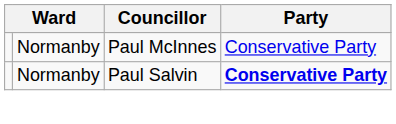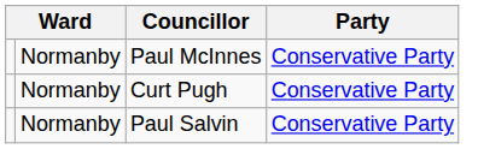 <table class="wikitable">
 <tr>
 <th colspan="2">Ward</th>
 <th>Councillor</th>
 <th>Party</th>
 </tr>
 <tr>
 <td style="background-color: "></td>
 <td>Normanby</td>
 <td>Paul McInnes</td>
 <td><a href='#'>Conservative Party</a></td>
 </tr>
 <tr>
 <td style="background-color: "></td>
 <td>Normanby</td>
+<td>Curt Pugh</td>
+<td><a href='#'>Conservative Party</a></td>
+</tr>
+<tr>
+<td style="background-color: "></td>
+<td>Normanby</td>
 <td>Paul Salvin</td>
-<td><strong><a href='#'>Conservative Party</a></strong></td>
+<td><a href='#'>Conservative Party</a></td>
 </tr>
 </table>
